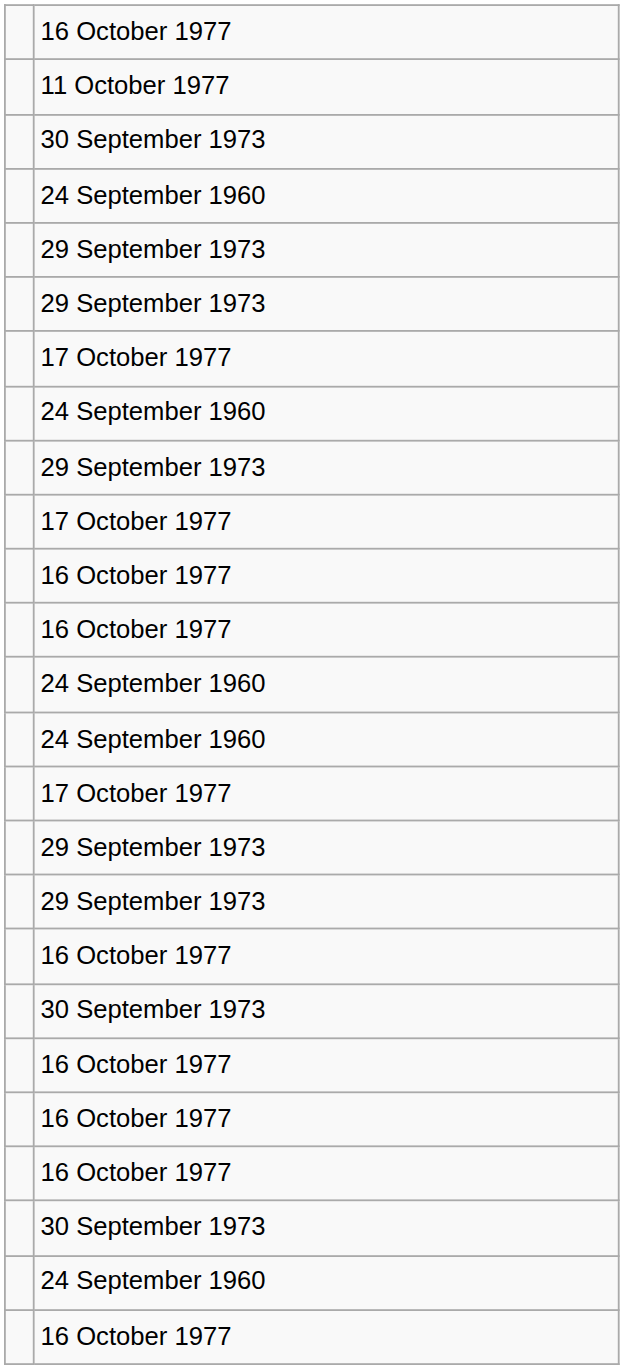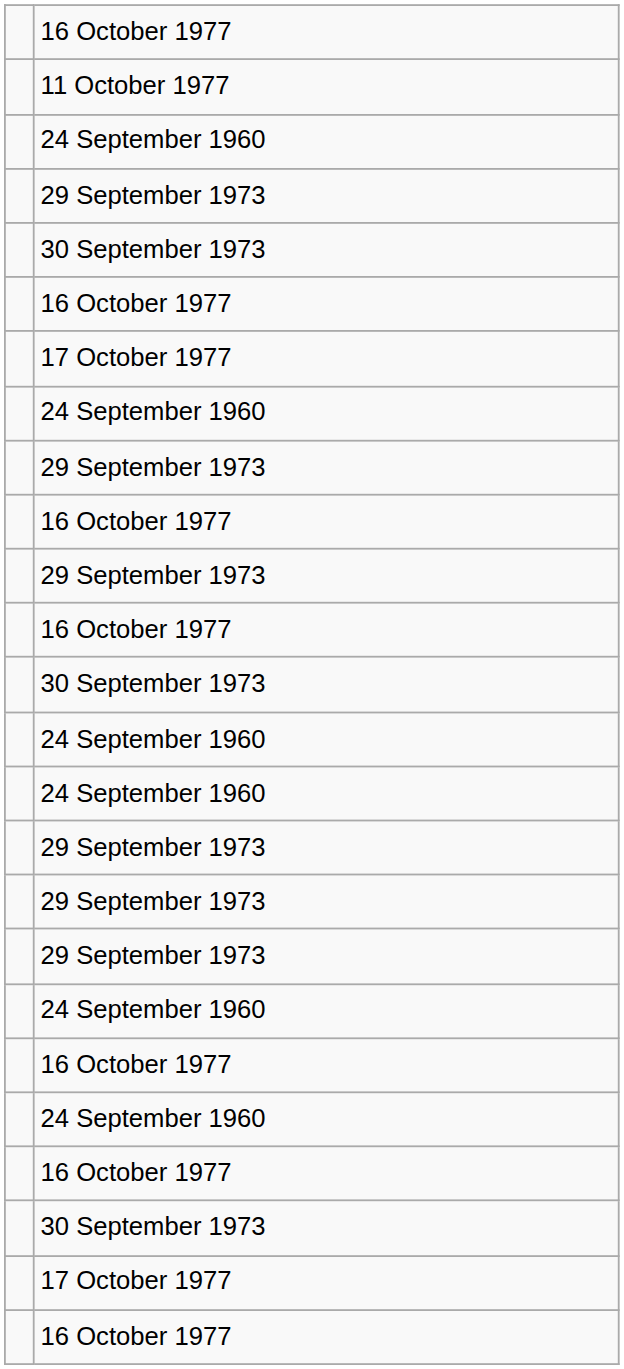 <table class="wikitable" style="font-size: 89%; float: left; width: 24em; margin-right: 1em; line-height: 1.65em">
 <tr>
 <td></td>
 <td>16 October 1977</td>
 </tr>
 <tr>
 <td></td>
 <td>11 October 1977</td>
 </tr>
 <tr>
 <td></td>
+<td>24 September 1960</td>
+</tr>
+<tr>
+<td></td>
+<td>29 September 1973</td>
+</tr>
+<tr>
+<td></td>
 <td>30 September 1973</td>
+</tr>
+<tr>
+<td></td>
+<td>16 October 1977</td>
+</tr>
+<tr>
+<td></td>
+<td>17 October 1977</td>
+</tr>
+<tr>
+<td></td>
+<td>24 September 1960</td>
+</tr>
+<tr>
+<td></td>
+<td>29 September 1973</td>
+</tr>
+<tr>
+<td></td>
+<td>16 October 1977</td>
+</tr>
+<tr>
+<td></td>
+<td>29 September 1973</td>
+</tr>
+<tr>
+<td></td>
+<td>16 October 1977</td>
+</tr>
+<tr>
+<td></td>
+<td>30 September 1973</td>
+</tr>
+<tr>
+<td></td>
+<td>24 September 1960</td>
 </tr>
 <tr>
 <td></td>
 <td>24 September 1960</td>
 </tr>
 <tr>
 <td></td>
 <td>29 September 1973</td>
 </tr>
 <tr>
 <td></td>
 <td>29 September 1973</td>
 </tr>
 <tr>
 <td></td>
-<td>17 October 1977</td>
+<td>29 September 1973</td>
 </tr>
 <tr>
 <td></td>
 <td>24 September 1960</td>
-</tr>
-<tr>
-<td></td>
-<td>29 September 1973</td>
-</tr>
-<tr>
-<td></td>
-<td>17 October 1977</td>
-</tr>
-<tr>
-<td></td>
-<td>16 October 1977</td>
 </tr>
 <tr>
 <td></td>
 <td>16 October 1977</td>
 </tr>
 <tr>
 <td></td>
 <td>24 September 1960</td>
 </tr>
 <tr>
 <td></td>
-<td>24 September 1960</td>
-</tr>
-<tr>
-<td></td>
-<td>17 October 1977</td>
-</tr>
-<tr>
-<td></td>
-<td>29 September 1973</td>
-</tr>
-<tr>
-<td></td>
-<td>29 September 1973</td>
-</tr>
-<tr>
-<td></td>
 <td>16 October 1977</td>
 </tr>
 <tr>
 <td></td>
 <td>30 September 1973</td>
 </tr>
 <tr>
 <td></td>
-<td>16 October 1977</td>
-</tr>
-<tr>
-<td></td>
-<td>16 October 1977</td>
-</tr>
-<tr>
-<td></td>
-<td>16 October 1977</td>
-</tr>
-<tr>
-<td></td>
-<td>30 September 1973</td>
-</tr>
-<tr>
-<td></td>
-<td>24 September 1960</td>
+<td>17 October 1977</td>
 </tr>
 <tr>
 <td></td>
 <td>16 October 1977</td>
 </tr>
 </table>
